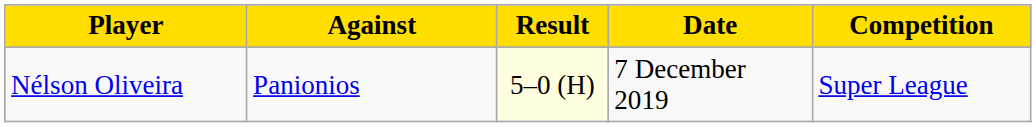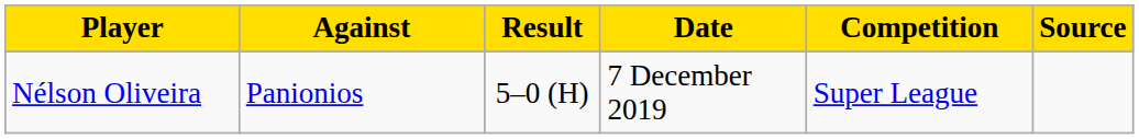 <table class="wikitable">
 <tr>
 <th width=200 style="background:#FFDE00">Player</th>
 <th width=200 style="background:#FFDE00">Against</th>
 <th width=70 style="background:#FFDE00">Result</th>
 <th width=150 style="background:#FFDE00">Date</th>
 <th width=150 style="background:#FFDE00">Competition</th>
+<th style="background:#FFDE00">Source</th>
 </tr>
 <tr>
 <td> <a href='#'>Nélson Oliveira</a></td>
 <td> <a href='#'>Panionios</a></td>
-<td align=center style="background: lightyellow;">5–0 (H)</td>
+<td align=center>5–0 (H)</td>
 <td>7 December 2019</td>
 <td><a href='#'>Super League</a></td>
+<td align=center></td>
 </tr>
 </table>
